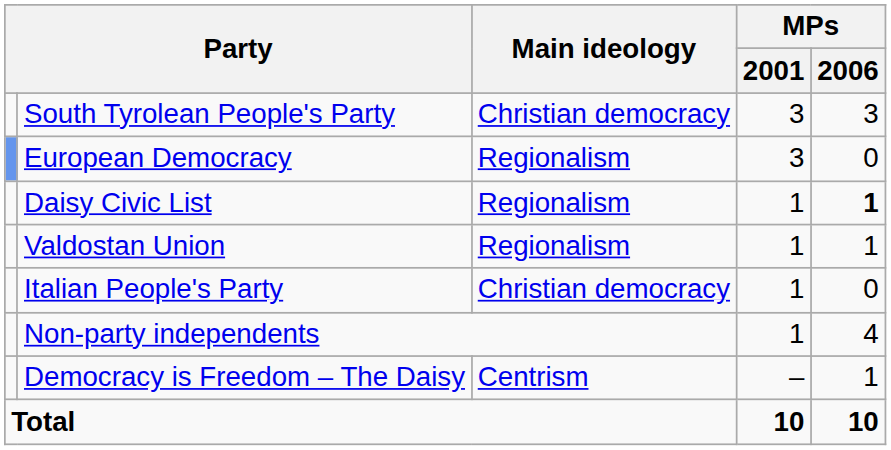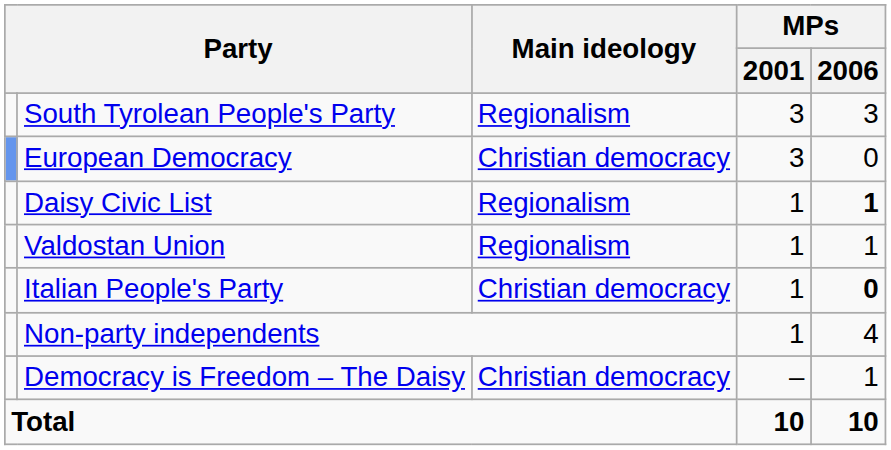 <table class="wikitable" style="font-size:100%">
 <tr>
 <th rowspan=2 colspan=2>Party</th>
 <th rowspan=2>Main ideology</th>
 <th colspan=2>MPs</th>
 </tr>
 <tr>
 <th>2001</th>
 <th>2006</th>
 </tr>
 <tr>
 <td></td>
 <td><a href='#'>South Tyrolean People's Party</a></td>
-<td><a href='#'>Christian democracy</a></td>
+<td><a href='#'>Regionalism</a></td>
 <td align=right>3</td>
 <td align=right>3</td>
 </tr>
 <tr>
 <td bgcolor="#6495ed"></td>
 <td><a href='#'>European Democracy</a></td>
-<td><a href='#'>Regionalism</a></td>
+<td><a href='#'>Christian democracy</a></td>
 <td align=right>3</td>
 <td align=right>0</td>
 </tr>
 <tr>
 <td></td>
 <td><a href='#'>Daisy Civic List</a></td>
 <td><a href='#'>Regionalism</a></td>
 <td align=right>1</td>
 <td align=right><strong>1</strong></td>
 </tr>
 <tr>
 <td></td>
 <td><a href='#'>Valdostan Union</a></td>
 <td><a href='#'>Regionalism</a></td>
 <td align=right>1</td>
 <td align=right>1</td>
 </tr>
 <tr>
 <td></td>
 <td><a href='#'>Italian People's Party</a></td>
 <td><a href='#'>Christian democracy</a></td>
 <td align=right>1</td>
-<td align=right>0</td>
+<td align=right><strong>0</strong></td>
 </tr>
 <tr>
 <td></td>
 <td colspan=2><a href='#'>Non-party independents</a></td>
 <td align=right>1</td>
 <td align=right>4</td>
 </tr>
 <tr>
 <td></td>
 <td><a href='#'>Democracy is Freedom – The Daisy</a></td>
-<td><a href='#'>Centrism</a></td>
+<td><a href='#'>Christian democracy</a></td>
 <td align=right>–</td>
 <td align=right>1</td>
 </tr>
 <tr>
 <td colspan=3><strong>Total</strong></td>
 <td align=right><strong>10</strong></td>
 <td align=right><strong>10</strong></td>
 </tr>
 </table>
